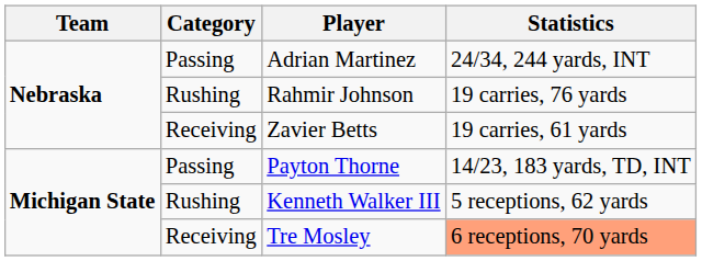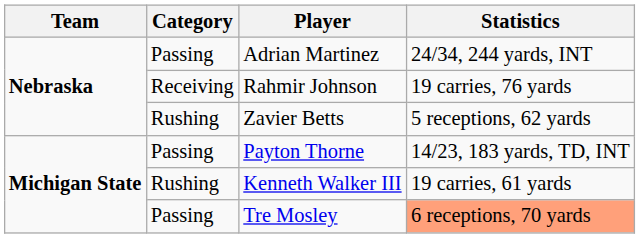 <table class="wikitable" style="float: right;">
 <tr>
 <th>Team</th>
 <th>Category</th>
 <th>Player</th>
 <th>Statistics</th>
 </tr>
 <tr>
 <td rowspan=3><strong>Nebraska</strong></td>
 <td>Passing</td>
 <td>Adrian Martinez</td>
 <td>24/34, 244 yards, INT</td>
 </tr>
 <tr>
-<td>Rushing</td>
+<td>Receiving</td>
 <td>Rahmir Johnson</td>
 <td>19 carries, 76 yards</td>
 </tr>
 <tr>
-<td>Receiving</td>
+<td>Rushing</td>
 <td>Zavier Betts</td>
-<td>19 carries, 61 yards</td>
+<td>5 receptions, 62 yards</td>
 </tr>
 <tr>
 <td rowspan=3><strong>Michigan State</strong></td>
 <td>Passing</td>
 <td><a href='#'>Payton Thorne</a></td>
 <td>14/23, 183 yards, TD, INT</td>
 </tr>
 <tr>
 <td>Rushing</td>
 <td><a href='#'>Kenneth Walker III</a></td>
-<td>5 receptions, 62 yards</td>
+<td>19 carries, 61 yards</td>
 </tr>
 <tr>
-<td>Receiving</td>
+<td>Passing</td>
 <td><a href='#'>Tre Mosley</a></td>
 <td style="background: lightsalmon;">6 receptions, 70 yards</td>
 </tr>
 </table>
